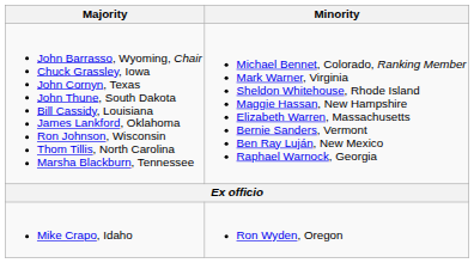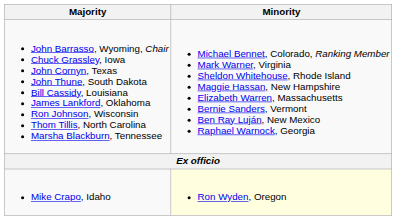 <table class=wikitable>
 <tr>
 <th>Majority</th>
 <th>Minority</th>
 </tr>
 <tr>
 <td><br><ul><li><a href='#'>John Barrasso</a>, Wyoming, <em>Chair</em></li><li><a href='#'>Chuck Grassley</a>, Iowa</li><li><a href='#'>John Cornyn</a>, Texas</li><li><a href='#'>John Thune</a>, South Dakota</li><li><a href='#'>Bill Cassidy</a>, Louisiana</li><li><a href='#'>James Lankford</a>, Oklahoma</li><li><a href='#'>Ron Johnson</a>, Wisconsin</li><li><a href='#'>Thom Tillis</a>, North Carolina</li><li><a href='#'>Marsha Blackburn</a>, Tennessee</li></ul></td>
 <td><br><ul><li><a href='#'>Michael Bennet</a>, Colorado, <em>Ranking Member</em></li><li><a href='#'>Mark Warner</a>, Virginia</li><li><a href='#'>Sheldon Whitehouse</a>, Rhode Island</li><li><a href='#'>Maggie Hassan</a>, New Hampshire</li><li><a href='#'>Elizabeth Warren</a>, Massachusetts</li><li><span><a href='#'>Bernie Sanders</a>, Vermont</span></li><li><a href='#'>Ben Ray Luján</a>, New Mexico</li><li><a href='#'>Raphael Warnock</a>, Georgia</li></ul></td>
 </tr>
 <tr>
 <th colspan=2><em>Ex officio</em></th>
 </tr>
 <tr>
 <td><br><ul><li><a href='#'>Mike Crapo</a>, Idaho</li></ul></td>
-<td><br><ul><li><a href='#'>Ron Wyden</a>, Oregon</li></ul></td>
+<td style="background: lightyellow;"><br><ul><li><a href='#'>Ron Wyden</a>, Oregon</li></ul></td>
 </tr>
 </table>
